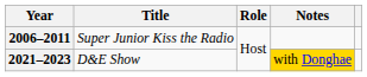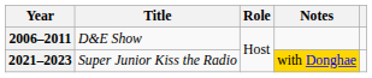 <table class="wikitable sortable plainrowheaders">
 <tr>
 <th scope="col">Year</th>
 <th scope="col">Title</th>
 <th scope="col">Role</th>
 <th scope="col">Notes</th>
 <th scope="col" class="unsortable"></th>
 </tr>
 <tr>
 <th scope="row">2006–2011</th>
-<td><em>Super Junior Kiss the Radio</em></td>
+<td><em>D&E Show </em></td>
 <td rowspan=2>Host</td>
 <td></td>
 <td></td>
 </tr>
 <tr>
 <th scope="row">2021–2023</th>
-<td><em>D&E Show </em></td>
+<td><em>Super Junior Kiss the Radio</em></td>
 <td style="background: gold;">with <a href='#'>Donghae</a></td>
 <td></td>
 </tr>
 </table>
